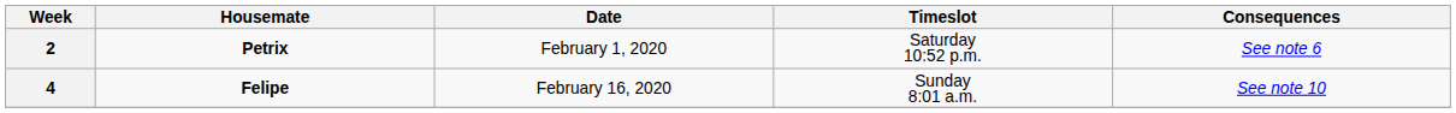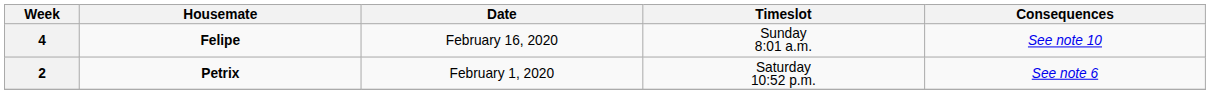 <table class="wikitable" style="width:60%; text-align:center; font-size:85%; line-height:13px;">
 <tr>
 <th width="03.00%">Week</th>
 <th width="12.25%">Housemate</th>
 <th width="12.25%">Date</th>
 <th width="12.25%">Timeslot</th>
 <th width="12.25%">Consequences</th>
 </tr>
 <tr>
+<th style="height:25px">4</th>
+<td><strong>Felipe</strong></td>
+<td>February 16, 2020</td>
+<td>Sunday<br>8:01 a.m.</td>
+<td><em><a href='#'>See note 10</a></em></td>
+</tr>
+<tr>
 <th style="height:25px">2</th>
 <td><strong>Petrix</strong></td>
 <td>February 1, 2020</td>
 <td>Saturday<br>10:52 p.m.</td>
 <td><em><a href='#'>See note 6</a></em></td>
 </tr>
 <tr>
-<th style="height:25px">4</th>
-<td><strong>Felipe</strong></td>
-<td>February 16, 2020</td>
-<td>Sunday<br>8:01 a.m.</td>
-<td><em><a href='#'>See note 10</a></em></td>
-</tr>
-<tr>
 </tr>
 </table>
